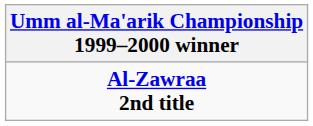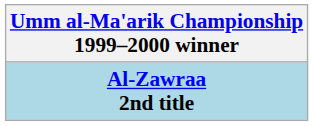 <table class="wikitable" style="text-align: center; margin: 0 auto;">
 <tr>
 <th><a href='#'>Umm al-Ma'arik Championship</a><br>1999–2000 winner</th>
 </tr>
 <tr>
-<td><strong><a href='#'>Al-Zawraa</a></strong><br><strong>2nd title</strong></td>
+<td style="background: lightblue;"><strong><a href='#'>Al-Zawraa</a></strong><br><strong>2nd title</strong></td>
 </tr>
 </table>
